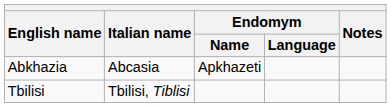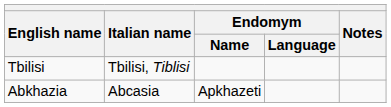 <table class="wikitable sortable">
 <tr>
 <th colspan="5"></th>
 </tr>
 <tr>
 <th rowspan="2">English name</th>
 <th rowspan="2">Italian name</th>
 <th colspan="2">Endomym</th>
 <th rowspan="2">Notes</th>
 </tr>
 <tr>
 <th>Name</th>
 <th>Language</th>
 </tr>
 <tr>
+<td>Tbilisi</td>
+<td>Tbilisi, <em>Tiblisi</em></td>
+<td></td>
+<td></td>
+<td></td>
+</tr>
+<tr>
 <td>Abkhazia</td>
 <td>Abcasia</td>
 <td>Apkhazeti</td>
 <td></td>
 <td></td>
 </tr>
-<tr>
-<td>Tbilisi</td>
-<td>Tbilisi, <em>Tiblisi</em></td>
-<td></td>
-<td></td>
-<td></td>
-</tr>
 </table>
